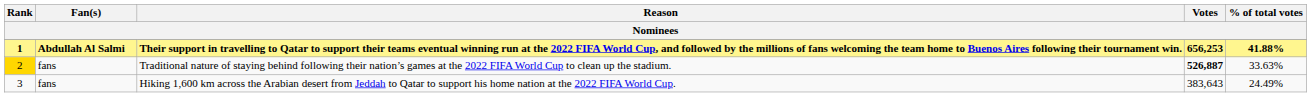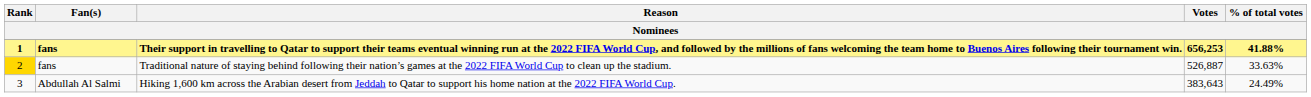 <table class="wikitable">
 <tr>
 <th>Rank</th>
 <th width="140">Fan(s)</th>
 <th>Reason</th>
 <th>Votes</th>
 <th width="110">% of total votes</th>
 </tr>
 <tr>
 <th colspan="5">Nominees</th>
 </tr>
 <tr>
 </tr>
 <tr style="background-color: #FFF68F; font-weight: bold;">
 <td align="center">1</td>
-<td> Abdullah Al Salmi</td>
+<td> fans</td>
 <td>Their support in travelling to Qatar to support their teams eventual winning run at the <a href='#'>2022 FIFA World Cup</a>, and followed by the millions of fans welcoming the team home to <a href='#'>Buenos Aires</a> following their tournament win.</td>
 <td>656,253</td>
 <td align="center">41.88%</td>
 </tr>
 <tr>
 <td align="center" style="background: gold;">2</td>
 <td> fans</td>
 <td>Traditional nature of staying behind following their nation’s games at the <a href='#'>2022 FIFA World Cup</a> to clean up the stadium.</td>
-<td><strong>526,887</strong></td>
+<td>526,887</td>
 <td align="center">33.63%</td>
 </tr>
 <tr>
 <td align="center">3</td>
-<td> fans</td>
+<td> Abdullah Al Salmi</td>
 <td>Hiking 1,600 km across the Arabian desert from <a href='#'>Jeddah</a> to Qatar to support his home nation at the <a href='#'>2022 FIFA World Cup</a>.</td>
 <td>383,643</td>
 <td align="center">24.49%</td>
 </tr>
 </table>
